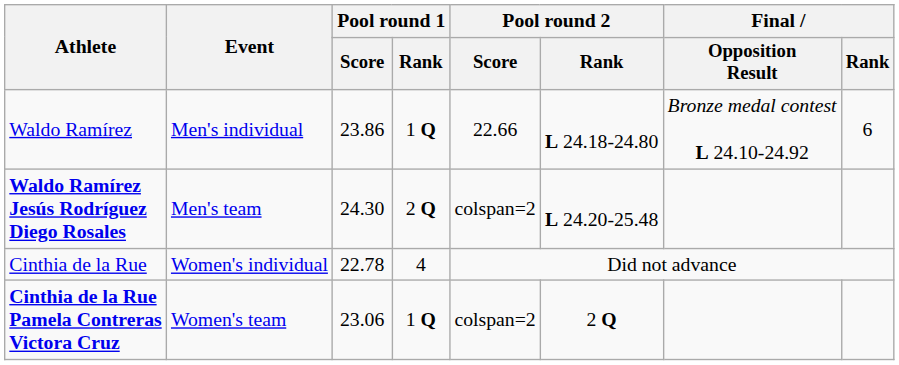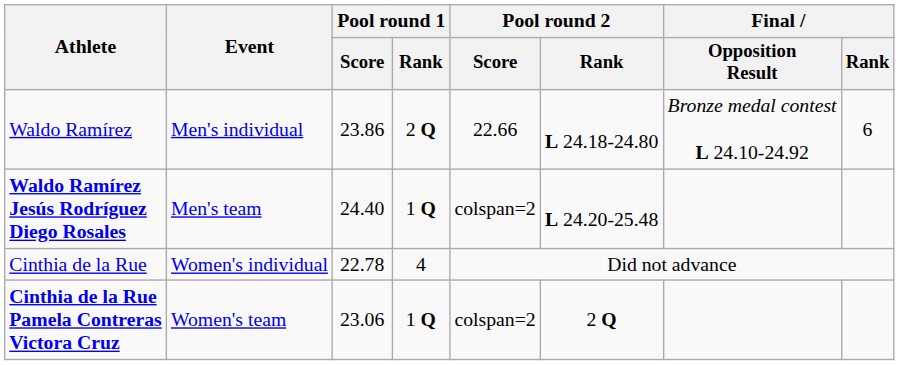 <table class=wikitable style=font-size:90%;text-align:center>
 <tr>
 <th rowspan=2>Athlete</th>
 <th rowspan=2>Event</th>
 <th colspan=2>Pool round 1</th>
 <th colspan=2>Pool round 2</th>
 <th colspan=2>Final / </th>
 </tr>
 <tr style=font-size:95%>
 <th>Score</th>
 <th>Rank</th>
 <th>Score</th>
 <th>Rank</th>
 <th>Opposition<br>Result</th>
 <th>Rank</th>
 </tr>
 <tr>
 <td align=left><a href='#'>Waldo Ramírez</a></td>
 <td align=left><a href='#'>Men's individual</a></td>
 <td>23.86</td>
-<td>1 <strong>Q</strong></td>
+<td>2 <strong>Q</strong></td>
 <td>22.66</td>
 <td><br><strong>L</strong> 24.18-24.80</td>
 <td><em>Bronze medal contest</em><br><br><strong>L</strong> 24.10-24.92</td>
 <td>6</td>
 </tr>
 <tr>
 <td align=left><strong><a href='#'>Waldo Ramírez</a><br><a href='#'>Jesús Rodríguez</a><br><a href='#'>Diego Rosales</a></strong></td>
 <td align=left><a href='#'>Men's team</a></td>
-<td>24.30</td>
-<td>2 <strong>Q</strong></td>
+<td>24.40</td>
+<td>1 <strong>Q</strong></td>
 <td>colspan=2 </td>
 <td><br><strong>L</strong> 24.20-25.48</td>
 <td></td>
 </tr>
 <tr>
 <td align=left><a href='#'>Cinthia de la Rue</a></td>
 <td align=left><a href='#'>Women's individual</a></td>
 <td>22.78</td>
 <td>4</td>
 <td colspan=4>Did not advance</td>
 </tr>
 <tr>
 <td align=left><strong><a href='#'>Cinthia de la Rue</a><br><a href='#'>Pamela Contreras</a><br><a href='#'>Victora Cruz</a></strong></td>
 <td align=left><a href='#'>Women's team</a></td>
 <td>23.06</td>
 <td>1 <strong>Q</strong></td>
 <td>colspan=2 </td>
 <td>2 <strong>Q</strong></td>
 <td></td>
 </tr>
 </table>
